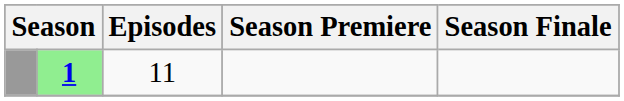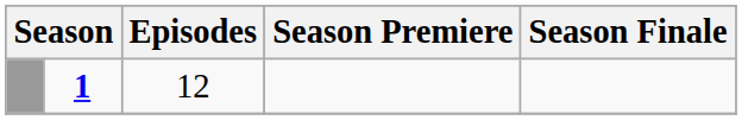 <table class="wikitable">
 <tr>
 <th colspan="2">Season</th>
 <th>Episodes</th>
 <th>Season Premiere</th>
 <th>Season Finale</th>
 </tr>
 <tr>
 <td style="background:#999999; height:5px;"></td>
-<td style="background: lightgreen; text-align:center;"><strong><a href='#'>1</a></strong></td>
-<td style="text-align:center;">11</td>
+<td style="text-align:center;"><strong><a href='#'>1</a></strong></td>
+<td style="text-align:center;">12</td>
 <td style="text-align:center;"></td>
 <td style="text-align:center;"></td>
 </tr>
 <tr>
 </tr>
 </table>
